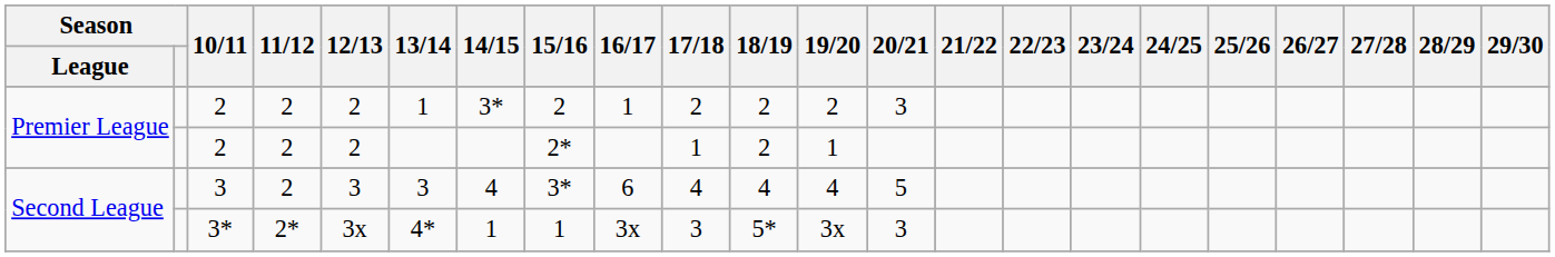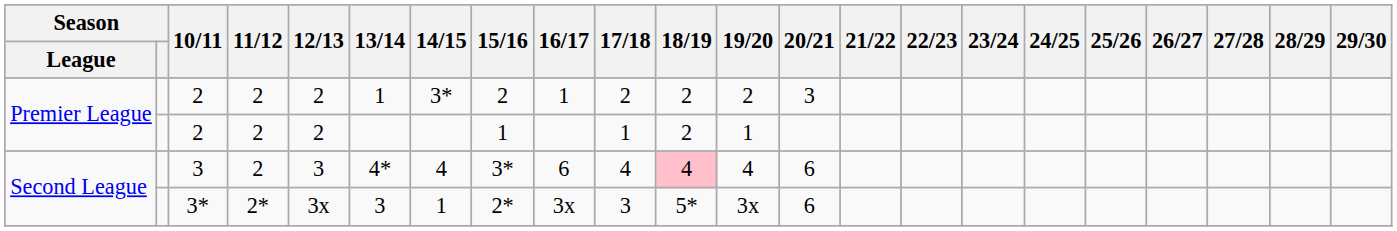 <table border=1 bordercolor="#CCCCCC" class=wikitable style="font-size:80%;">
 <tr align=LEFT valign=CENTER>
 <th colspan=2>Season</th>
 <th rowspan=2>10/11</th>
 <th rowspan=2>11/12</th>
 <th rowspan=2>12/13</th>
 <th rowspan=2>13/14</th>
 <th rowspan=2>14/15</th>
 <th rowspan=2>15/16</th>
 <th rowspan=2>16/17</th>
 <th rowspan=2>17/18</th>
 <th rowspan=2>18/19</th>
 <th rowspan=2>19/20</th>
 <th rowspan=2>20/21</th>
 <th rowspan=2>21/22</th>
 <th rowspan=2>22/23</th>
 <th rowspan=2>23/24</th>
 <th rowspan=2>24/25</th>
 <th rowspan=2>25/26</th>
 <th rowspan=2>26/27</th>
 <th rowspan=2>27/28</th>
 <th rowspan=2>28/29</th>
 <th rowspan=2>29/30</th>
 </tr>
 <tr align=CENTER>
 <th><strong>League</strong></th>
 <th><strong></strong></th>
 </tr>
 <tr align=CENTER>
 <td align=LEFT rowspan=2><a href='#'>Premier League</a></td>
 <td></td>
 <td>2</td>
 <td>2</td>
 <td>2</td>
 <td>1</td>
 <td>3*</td>
 <td>2</td>
 <td>1</td>
 <td>2</td>
 <td>2</td>
 <td>2</td>
 <td>3</td>
 <td> </td>
 <td> </td>
 <td> </td>
 <td> </td>
 <td> </td>
 <td> </td>
 <td> </td>
 <td> </td>
 <td> </td>
 </tr>
 <tr align=CENTER>
 <td></td>
 <td>2</td>
 <td>2</td>
 <td>2</td>
 <td> </td>
 <td> </td>
-<td>2*</td>
+<td>1</td>
 <td> </td>
 <td>1</td>
 <td>2</td>
 <td>1</td>
 <td> </td>
 <td> </td>
 <td> </td>
 <td> </td>
 <td> </td>
 <td> </td>
 <td> </td>
 <td> </td>
 <td> </td>
 <td> </td>
 </tr>
 <tr align=CENTER>
 <td align=LEFT rowspan=2><a href='#'>Second League</a></td>
 <td></td>
 <td>3</td>
 <td>2</td>
 <td>3</td>
-<td>3</td>
+<td>4*</td>
 <td>4</td>
 <td>3*</td>
 <td>6</td>
 <td>4</td>
+<td style="background: pink;">4</td>
 <td>4</td>
-<td>4</td>
-<td>5</td>
+<td>6</td>
 <td> </td>
 <td> </td>
 <td> </td>
 <td> </td>
 <td> </td>
 <td> </td>
 <td> </td>
 <td> </td>
 <td> </td>
 </tr>
 <tr align=CENTER>
 <td></td>
 <td>3*</td>
 <td>2*</td>
 <td>3x</td>
-<td>4*</td>
+<td>3</td>
 <td>1</td>
-<td>1</td>
+<td>2*</td>
 <td>3x</td>
 <td>3</td>
 <td>5*</td>
 <td>3x</td>
-<td>3</td>
+<td>6</td>
 <td> </td>
 <td> </td>
 <td> </td>
 <td> </td>
 <td> </td>
 <td> </td>
 <td> </td>
 <td> </td>
 <td> </td>
 </tr>
 </table>
